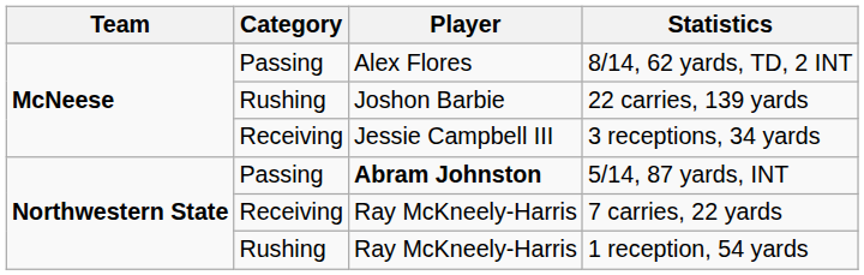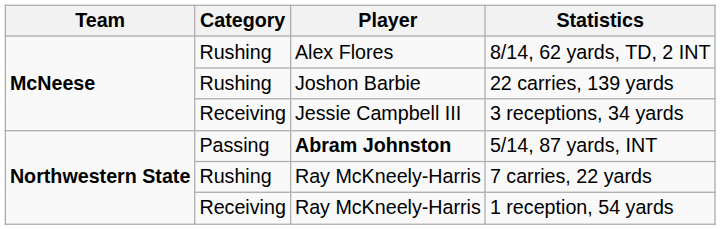 <table class="wikitable" style="float: right;">
 <tr>
 <th>Team</th>
 <th>Category</th>
 <th>Player</th>
 <th>Statistics</th>
 </tr>
 <tr>
 <td rowspan=3><strong>McNeese</strong></td>
-<td>Passing</td>
+<td>Rushing</td>
 <td>Alex Flores</td>
 <td>8/14, 62 yards, TD, 2 INT</td>
 </tr>
 <tr>
 <td>Rushing</td>
 <td>Joshon Barbie</td>
 <td>22 carries, 139 yards</td>
 </tr>
 <tr>
 <td>Receiving</td>
 <td>Jessie Campbell III</td>
 <td>3 receptions, 34 yards</td>
 </tr>
 <tr>
 <td rowspan=3><strong>Northwestern State</strong></td>
 <td>Passing</td>
 <td><strong>Abram Johnston</strong></td>
 <td>5/14, 87 yards, INT</td>
 </tr>
 <tr>
-<td>Receiving</td>
+<td>Rushing</td>
 <td>Ray McKneely-Harris</td>
 <td>7 carries, 22 yards</td>
 </tr>
 <tr>
-<td>Rushing</td>
+<td>Receiving</td>
 <td>Ray McKneely-Harris</td>
 <td>1 reception, 54 yards</td>
 </tr>
 </table>
